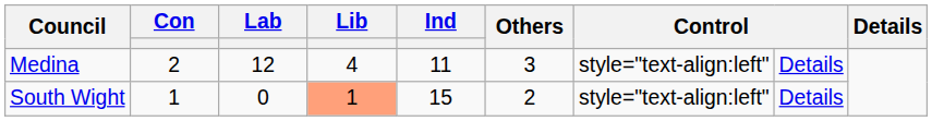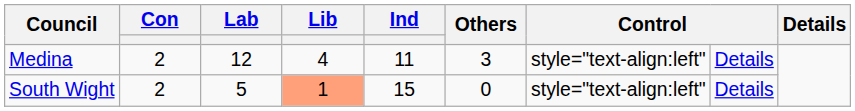 <table class="wikitable" style="text-align:center;">
 <tr>
 <th rowspan=2>Council</th>
 <th style="width:60px;"><a href='#'>Con</a></th>
 <th style="width:60px;"><a href='#'>Lab</a></th>
 <th style="width:60px;"><a href='#'>Lib</a></th>
 <th style="width:60px;"><a href='#'>Ind</a></th>
 <th style="width:60px;" rowspan=2>Others</th>
 <th rowspan=2 colspan=2>Control</th>
 <th rowspan=2>Details</th>
 </tr>
 <tr>
 <th style="background:"></th>
 <th style="background:"></th>
 <th style="background:"></th>
 <th style="background:"></th>
 </tr>
 <tr>
 <td style="text-align:left"><a href='#'>Medina</a></td>
 <td>2</td>
 <td>12</td>
 <td>4</td>
 <td>11</td>
 <td>3</td>
 <td>style="text-align:left" </td>
 <td style="text-align:left"><a href='#'>Details</a></td>
 </tr>
 <tr>
 <td style="text-align:left"><a href='#'>South Wight</a></td>
-<td>1</td>
-<td>0</td>
+<td>2</td>
+<td>5</td>
 <td style="background: lightsalmon;">1</td>
 <td>15</td>
-<td>2</td>
+<td>0</td>
 <td>style="text-align:left" </td>
 <td style="text-align:left"><a href='#'>Details</a></td>
 </tr>
 </table>
